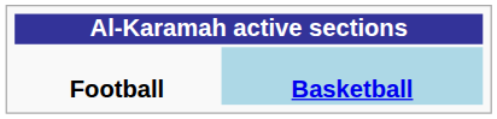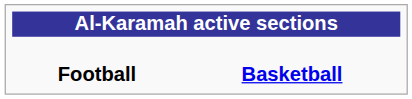 <table class="infobox" style="width: 20em; font-size: 95%em;">
 <tr style="color:white; background:#333399; text-align:center;">
 <th colspan="3">Al-Karamah active sections</th>
 </tr>
 <tr style="text-align: center">
 <td><br><strong>Football</strong></td>
-<td style="background: lightblue;"><br><strong><a href='#'>Basketball</a></strong></td>
+<td><br><strong><a href='#'>Basketball</a></strong></td>
 </tr>
 </table>
